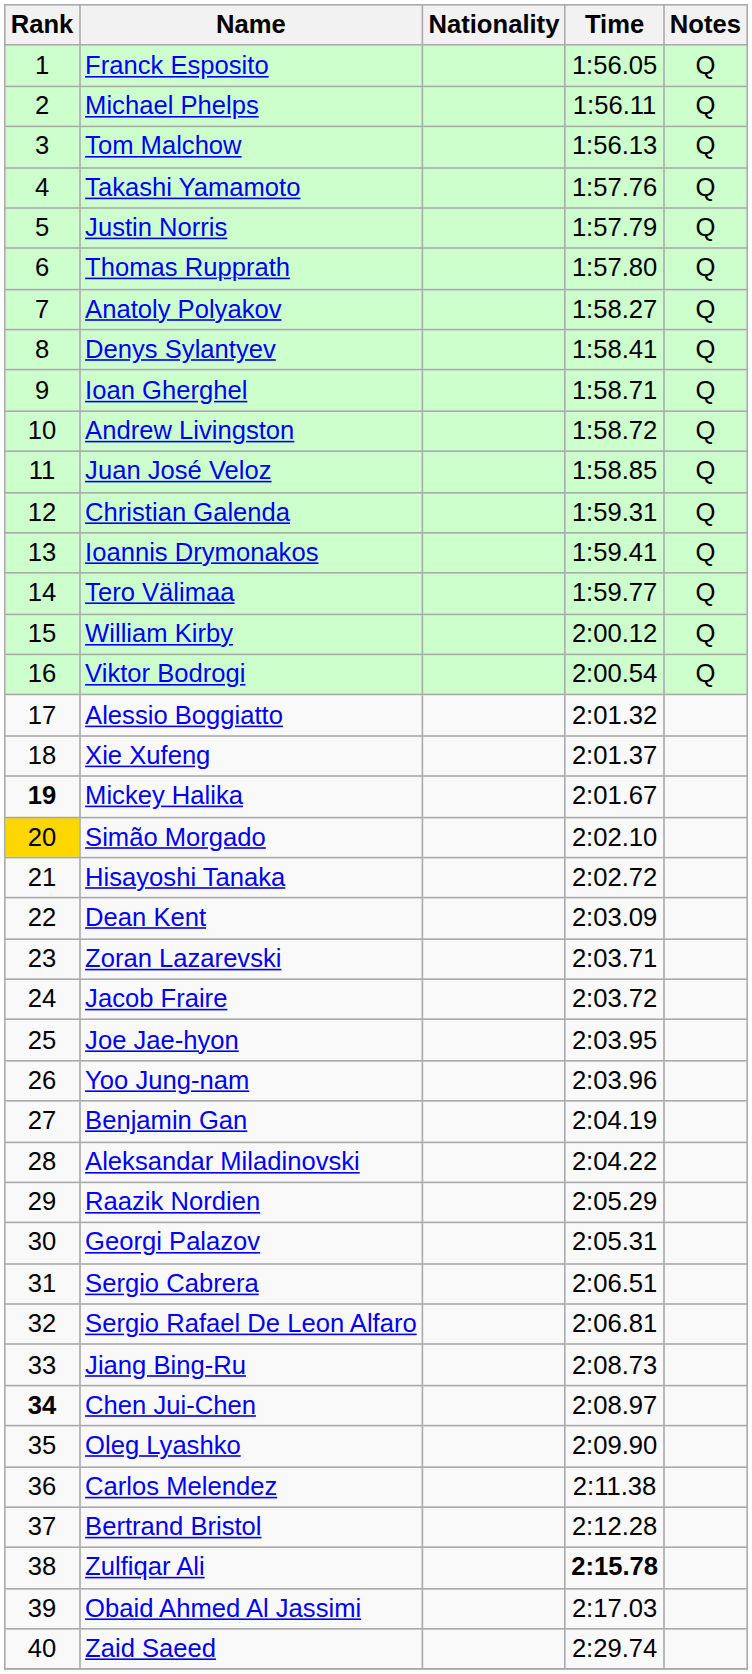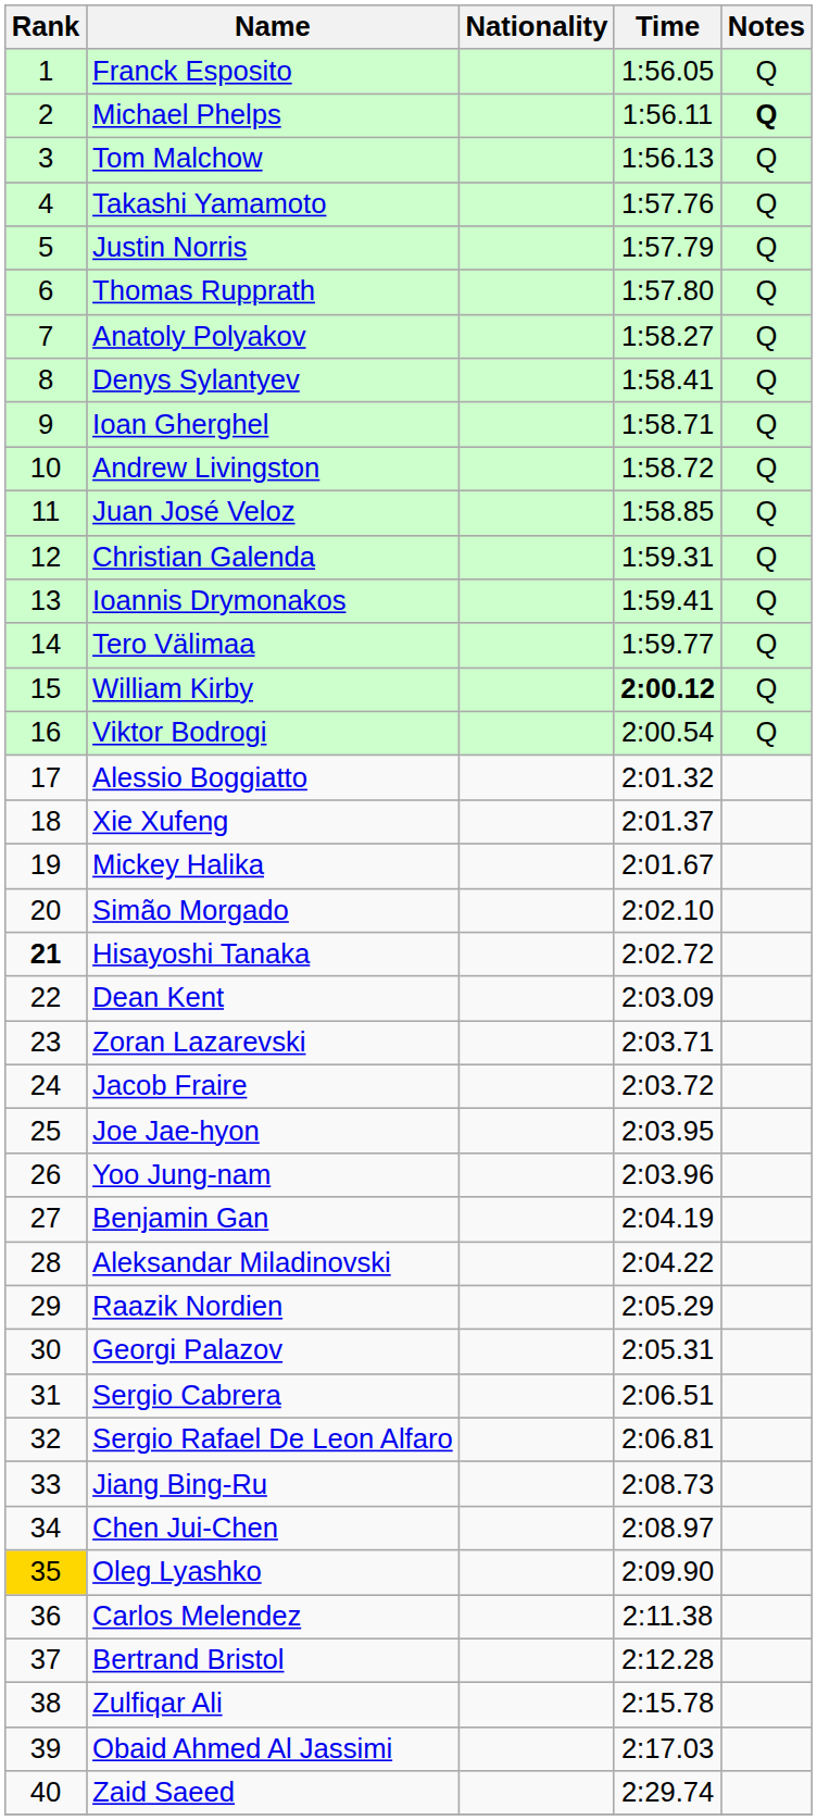 <table class="wikitable sortable" style="text-align:center">
 <tr>
 <th>Rank</th>
 <th>Name</th>
 <th>Nationality</th>
 <th>Time</th>
 <th>Notes</th>
 </tr>
 <tr bgcolor=ccffcc>
 <td>1</td>
 <td align=left><a href='#'>Franck Esposito</a></td>
 <td align=left></td>
 <td>1:56.05</td>
 <td>Q</td>
 </tr>
 <tr bgcolor=ccffcc>
 <td>2</td>
 <td align=left><a href='#'>Michael Phelps</a></td>
 <td align=left></td>
 <td>1:56.11</td>
-<td>Q</td>
+<td><strong>Q</strong></td>
 </tr>
 <tr bgcolor=ccffcc>
 <td>3</td>
 <td align=left><a href='#'>Tom Malchow</a></td>
 <td align=left></td>
 <td>1:56.13</td>
 <td>Q</td>
 </tr>
 <tr bgcolor=ccffcc>
 <td>4</td>
 <td align=left><a href='#'>Takashi Yamamoto</a></td>
 <td align=left></td>
 <td>1:57.76</td>
 <td>Q</td>
 </tr>
 <tr bgcolor=ccffcc>
 <td>5</td>
 <td align=left><a href='#'>Justin Norris</a></td>
 <td align=left></td>
 <td>1:57.79</td>
 <td>Q</td>
 </tr>
 <tr bgcolor=ccffcc>
 <td>6</td>
 <td align=left><a href='#'>Thomas Rupprath</a></td>
 <td align=left></td>
 <td>1:57.80</td>
 <td>Q</td>
 </tr>
 <tr bgcolor=ccffcc>
 <td>7</td>
 <td align=left><a href='#'>Anatoly Polyakov</a></td>
 <td align=left></td>
 <td>1:58.27</td>
 <td>Q</td>
 </tr>
 <tr bgcolor=ccffcc>
 <td>8</td>
 <td align=left><a href='#'>Denys Sylantyev</a></td>
 <td align=left></td>
 <td>1:58.41</td>
 <td>Q</td>
 </tr>
 <tr bgcolor=ccffcc>
 <td>9</td>
 <td align=left><a href='#'>Ioan Gherghel</a></td>
 <td align=left></td>
 <td>1:58.71</td>
 <td>Q</td>
 </tr>
 <tr bgcolor=ccffcc>
 <td>10</td>
 <td align=left><a href='#'>Andrew Livingston</a></td>
 <td align=left></td>
 <td>1:58.72</td>
 <td>Q</td>
 </tr>
 <tr bgcolor=ccffcc>
 <td>11</td>
 <td align=left><a href='#'>Juan José Veloz</a></td>
 <td align=left></td>
 <td>1:58.85</td>
 <td>Q</td>
 </tr>
 <tr bgcolor=ccffcc>
 <td>12</td>
 <td align=left><a href='#'>Christian Galenda</a></td>
 <td align=left></td>
 <td>1:59.31</td>
 <td>Q</td>
 </tr>
 <tr bgcolor=ccffcc>
 <td>13</td>
 <td align=left><a href='#'>Ioannis Drymonakos</a></td>
 <td align=left></td>
 <td>1:59.41</td>
 <td>Q</td>
 </tr>
 <tr bgcolor=ccffcc>
 <td>14</td>
 <td align=left><a href='#'>Tero Välimaa</a></td>
 <td align=left></td>
 <td>1:59.77</td>
 <td>Q</td>
 </tr>
 <tr bgcolor=ccffcc>
 <td>15</td>
 <td align=left><a href='#'>William Kirby</a></td>
 <td align=left></td>
-<td>2:00.12</td>
+<td><strong>2:00.12</strong></td>
 <td>Q</td>
 </tr>
 <tr bgcolor=ccffcc>
 <td>16</td>
 <td align=left><a href='#'>Viktor Bodrogi</a></td>
 <td align=left></td>
 <td>2:00.54</td>
 <td>Q</td>
 </tr>
 <tr>
 <td>17</td>
 <td align=left><a href='#'>Alessio Boggiatto</a></td>
 <td align=left></td>
 <td>2:01.32</td>
 <td></td>
 </tr>
 <tr>
 <td>18</td>
 <td align=left><a href='#'>Xie Xufeng</a></td>
 <td align=left></td>
 <td>2:01.37</td>
 <td></td>
 </tr>
 <tr>
-<td><strong>19</strong></td>
+<td>19</td>
 <td align=left><a href='#'>Mickey Halika</a></td>
 <td align=left></td>
 <td>2:01.67</td>
 <td></td>
 </tr>
 <tr>
-<td style="background: gold;">20</td>
+<td>20</td>
 <td align=left><a href='#'>Simão Morgado</a></td>
 <td align=left></td>
 <td>2:02.10</td>
 <td></td>
 </tr>
 <tr>
-<td>21</td>
+<td><strong>21</strong></td>
 <td align=left><a href='#'>Hisayoshi Tanaka</a></td>
 <td align=left></td>
 <td>2:02.72</td>
 <td></td>
 </tr>
 <tr>
 <td>22</td>
 <td align=left><a href='#'>Dean Kent</a></td>
 <td align=left></td>
 <td>2:03.09</td>
 <td></td>
 </tr>
 <tr>
 <td>23</td>
 <td align=left><a href='#'>Zoran Lazarevski</a></td>
 <td align=left></td>
 <td>2:03.71</td>
 <td></td>
 </tr>
 <tr>
 <td>24</td>
 <td align=left><a href='#'>Jacob Fraire</a></td>
 <td align=left></td>
 <td>2:03.72</td>
 <td></td>
 </tr>
 <tr>
 <td>25</td>
 <td align=left><a href='#'>Joe Jae-hyon</a></td>
 <td align=left></td>
 <td>2:03.95</td>
 <td></td>
 </tr>
 <tr>
 <td>26</td>
 <td align=left><a href='#'>Yoo Jung-nam</a></td>
 <td align=left></td>
 <td>2:03.96</td>
 <td></td>
 </tr>
 <tr>
 <td>27</td>
 <td align=left><a href='#'>Benjamin Gan</a></td>
 <td align=left></td>
 <td>2:04.19</td>
 <td></td>
 </tr>
 <tr>
 <td>28</td>
 <td align=left><a href='#'>Aleksandar Miladinovski</a></td>
 <td align=left></td>
 <td>2:04.22</td>
 <td></td>
 </tr>
 <tr>
 <td>29</td>
 <td align=left><a href='#'>Raazik Nordien</a></td>
 <td align=left></td>
 <td>2:05.29</td>
 <td></td>
 </tr>
 <tr>
 <td>30</td>
 <td align=left><a href='#'>Georgi Palazov</a></td>
 <td align=left></td>
 <td>2:05.31</td>
 <td></td>
 </tr>
 <tr>
 <td>31</td>
 <td align=left><a href='#'>Sergio Cabrera</a></td>
 <td align=left></td>
 <td>2:06.51</td>
 <td></td>
 </tr>
 <tr>
 <td>32</td>
 <td align=left><a href='#'>Sergio Rafael De Leon Alfaro</a></td>
 <td align=left></td>
 <td>2:06.81</td>
 <td></td>
 </tr>
 <tr>
 <td>33</td>
 <td align=left><a href='#'>Jiang Bing-Ru</a></td>
 <td align=left></td>
 <td>2:08.73</td>
 <td></td>
 </tr>
 <tr>
-<td><strong>34</strong></td>
+<td>34</td>
 <td align=left><a href='#'>Chen Jui-Chen</a></td>
 <td align=left></td>
 <td>2:08.97</td>
 <td></td>
 </tr>
 <tr>
-<td>35</td>
+<td style="background: gold;">35</td>
 <td align=left><a href='#'>Oleg Lyashko</a></td>
 <td align=left></td>
 <td>2:09.90</td>
 <td></td>
 </tr>
 <tr>
 <td>36</td>
 <td align=left><a href='#'>Carlos Melendez</a></td>
 <td align=left></td>
 <td>2:11.38</td>
 <td></td>
 </tr>
 <tr>
 <td>37</td>
 <td align=left><a href='#'>Bertrand Bristol</a></td>
 <td align=left></td>
 <td>2:12.28</td>
 <td></td>
 </tr>
 <tr>
 <td>38</td>
 <td align=left><a href='#'>Zulfiqar Ali</a></td>
 <td align=left></td>
-<td><strong>2:15.78</strong></td>
+<td>2:15.78</td>
 <td></td>
 </tr>
 <tr>
 <td>39</td>
 <td align=left><a href='#'>Obaid Ahmed Al Jassimi</a></td>
 <td align=left></td>
 <td>2:17.03</td>
 <td></td>
 </tr>
 <tr>
 <td>40</td>
 <td align=left><a href='#'>Zaid Saeed</a></td>
 <td align=left></td>
 <td>2:29.74</td>
 <td></td>
 </tr>
 <tr>
 </tr>
 </table>
